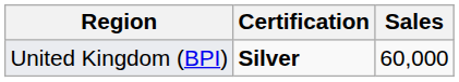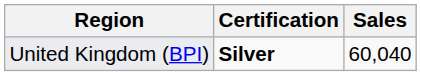 <table class="wikitable" style='text-align: left;'>
 <tr>
 <th>Region</th>
 <th>Certification</th>
 <th>Sales</th>
 </tr>
 <tr>
 <td style='background: #EAECF0'>United Kingdom (<a href='#'>BPI</a>)</td>
 <td><strong>Silver</strong></td>
-<td>60,000</td>
+<td>60,040</td>
 </tr>
 </table>
